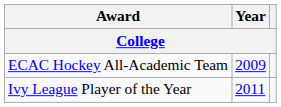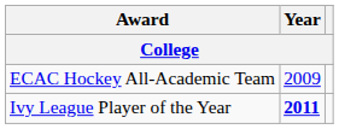 <table class="wikitable">
 <tr>
 <th>Award</th>
 <th>Year</th>
 <th></th>
 </tr>
 <tr>
 <th colspan="3"><a href='#'>College</a></th>
 </tr>
 <tr>
 <td><a href='#'>ECAC Hockey</a> All-Academic Team</td>
 <td><a href='#'>2009</a></td>
 <td></td>
 </tr>
 <tr>
 <td><a href='#'>Ivy League</a> Player of the Year</td>
-<td><a href='#'>2011</a></td>
+<td><strong><a href='#'>2011</a></strong></td>
 <td></td>
 </tr>
 </table>
